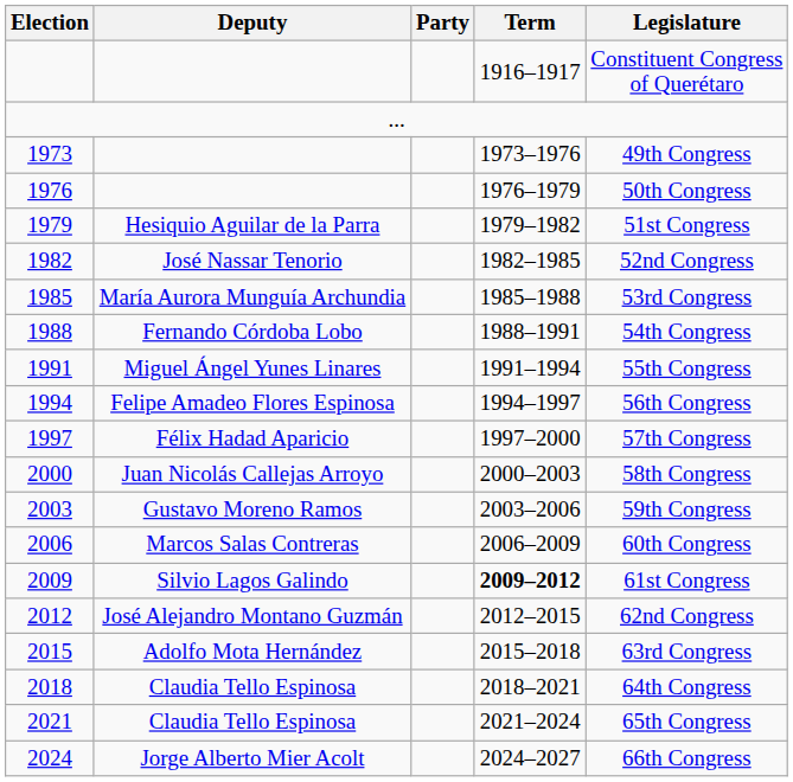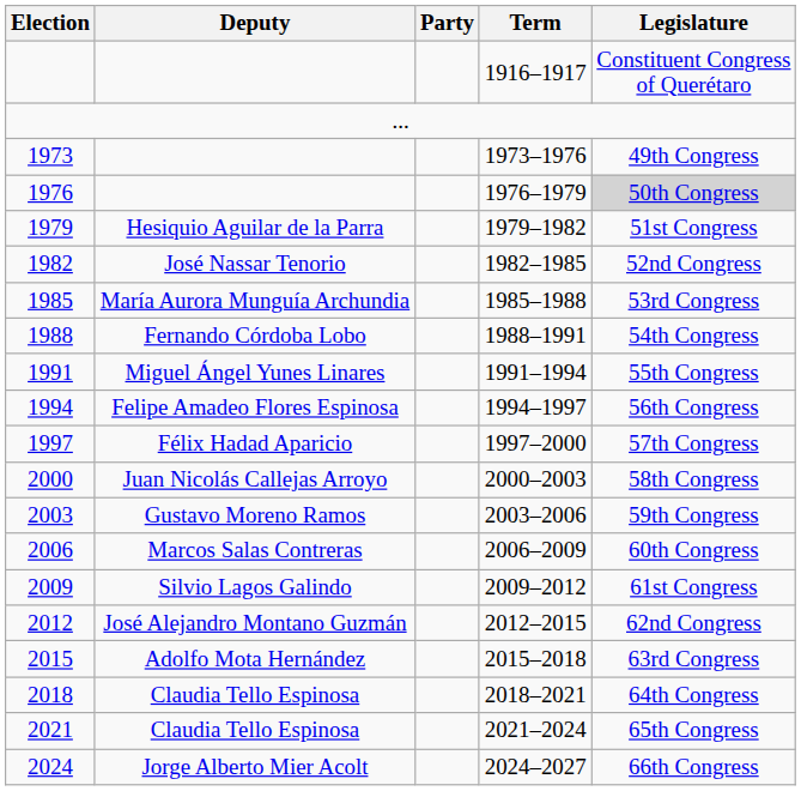 <table class="wikitable sortable" style="text-align: center">
 <tr>
 <th>Election</th>
 <th class="unsortable">Deputy</th>
 <th class="unsortable">Party</th>
 <th class="unsortable">Term</th>
 <th class="unsortable">Legislature</th>
 </tr>
 <tr>
 <td></td>
 <td></td>
 <td></td>
 <td>1916–1917</td>
 <td><a href='#'>Constituent Congress<br>of Querétaro</a></td>
 </tr>
 <tr>
 <td colspan=5> ...</td>
 </tr>
 <tr>
 <td><a href='#'>1973</a></td>
 <td></td>
 <td></td>
 <td>1973–1976</td>
 <td><a href='#'>49th Congress</a></td>
 </tr>
 <tr>
 <td><a href='#'>1976</a></td>
 <td></td>
 <td></td>
 <td>1976–1979</td>
-<td><a href='#'>50th Congress</a></td>
+<td style="background: lightgrey;"><a href='#'>50th Congress</a></td>
 </tr>
 <tr>
 <td><a href='#'>1979</a></td>
 <td><a href='#'>Hesiquio Aguilar de la Parra</a></td>
 <td></td>
 <td>1979–1982</td>
 <td><a href='#'>51st Congress</a></td>
 </tr>
 <tr>
 <td><a href='#'>1982</a></td>
 <td><a href='#'>José Nassar Tenorio</a></td>
 <td></td>
 <td>1982–1985</td>
 <td><a href='#'>52nd Congress</a></td>
 </tr>
 <tr>
 <td><a href='#'>1985</a></td>
 <td><a href='#'>María Aurora Munguía Archundia</a></td>
 <td></td>
 <td>1985–1988</td>
 <td><a href='#'>53rd Congress</a></td>
 </tr>
 <tr>
 <td><a href='#'>1988</a></td>
 <td><a href='#'>Fernando Córdoba Lobo</a></td>
 <td></td>
 <td>1988–1991</td>
 <td><a href='#'>54th Congress</a></td>
 </tr>
 <tr>
 <td><a href='#'>1991</a></td>
 <td><a href='#'>Miguel Ángel Yunes Linares</a></td>
 <td></td>
 <td>1991–1994</td>
 <td><a href='#'>55th Congress</a></td>
 </tr>
 <tr>
 <td><a href='#'>1994</a></td>
 <td><a href='#'>Felipe Amadeo Flores Espinosa</a></td>
 <td></td>
 <td>1994–1997</td>
 <td><a href='#'>56th Congress</a></td>
 </tr>
 <tr>
 <td><a href='#'>1997</a></td>
 <td><a href='#'>Félix Hadad Aparicio</a></td>
 <td></td>
 <td>1997–2000</td>
 <td><a href='#'>57th Congress</a></td>
 </tr>
 <tr>
 <td><a href='#'>2000</a></td>
 <td><a href='#'>Juan Nicolás Callejas Arroyo</a></td>
 <td></td>
 <td>2000–2003</td>
 <td><a href='#'>58th Congress</a></td>
 </tr>
 <tr>
 <td><a href='#'>2003</a></td>
 <td><a href='#'>Gustavo Moreno Ramos</a></td>
 <td></td>
 <td>2003–2006</td>
 <td><a href='#'>59th Congress</a></td>
 </tr>
 <tr>
 <td><a href='#'>2006</a></td>
 <td><a href='#'>Marcos Salas Contreras</a></td>
 <td></td>
 <td>2006–2009</td>
 <td><a href='#'>60th Congress</a></td>
 </tr>
 <tr>
 <td><a href='#'>2009</a></td>
 <td><a href='#'>Silvio Lagos Galindo</a></td>
 <td></td>
-<td><strong>2009–2012</strong></td>
+<td>2009–2012</td>
 <td><a href='#'>61st Congress</a></td>
 </tr>
 <tr>
 <td><a href='#'>2012</a></td>
 <td><a href='#'>José Alejandro Montano Guzmán</a></td>
 <td></td>
 <td>2012–2015</td>
 <td><a href='#'>62nd Congress</a></td>
 </tr>
 <tr>
 <td><a href='#'>2015</a></td>
 <td><a href='#'>Adolfo Mota Hernández</a></td>
 <td></td>
 <td>2015–2018</td>
 <td><a href='#'>63rd Congress</a></td>
 </tr>
 <tr>
 <td><a href='#'>2018</a></td>
 <td><a href='#'>Claudia Tello Espinosa</a></td>
 <td></td>
 <td>2018–2021</td>
 <td><a href='#'>64th Congress</a></td>
 </tr>
 <tr>
 <td><a href='#'>2021</a></td>
 <td><a href='#'>Claudia Tello Espinosa</a></td>
 <td></td>
 <td>2021–2024</td>
 <td><a href='#'>65th Congress</a></td>
 </tr>
 <tr>
 <td><a href='#'>2024</a></td>
 <td><a href='#'>Jorge Alberto Mier Acolt</a></td>
 <td></td>
 <td>2024–2027</td>
 <td><a href='#'>66th Congress</a></td>
 </tr>
 </table>
